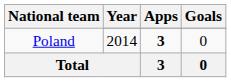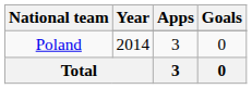 <table class="wikitable" style="text-align:center">
 <tr>
 <th>National team</th>
 <th>Year</th>
 <th>Apps</th>
 <th>Goals</th>
 </tr>
 <tr>
 <td rowspan=2><a href='#'>Poland</a></td>
 </tr>
 <tr>
 <td>2014</td>
-<td><strong>3</strong></td>
+<td>3</td>
 <td>0</td>
 </tr>
 <tr>
 <th colspan="2">Total</th>
 <th>3</th>
 <th>0</th>
 </tr>
 </table>
